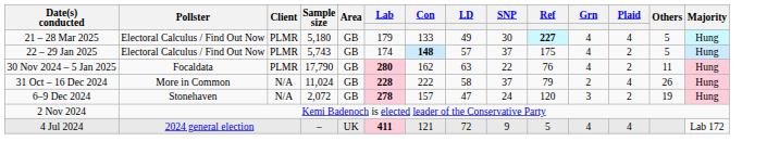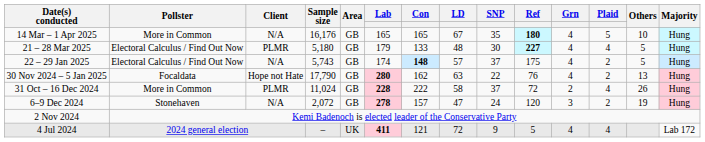 <table class="wikitable sortable mw-datatable" style="text-align:center; font-size:90%; line-height:14px;">
 <tr>
 <th rowspan="2">Date(s)<br>conducted</th>
 <th rowspan="2">Pollster</th>
 <th rowspan="2">Client</th>
 <th rowspan="2" data-sort-type="number">Sample<br>size</th>
 <th rowspan="2">Area</th>
 <th class="unsortable" style="width:50px;"><a href='#'>Lab</a></th>
 <th class="unsortable" style="width:50px;"><a href='#'>Con</a></th>
 <th class="unsortable" style="width:50px;"><a href='#'>LD</a></th>
 <th class="unsortable" style="width:50px;"><a href='#'>SNP</a></th>
 <th class="unsortable" style="width:50px;"><a href='#'>Ref</a></th>
 <th class="unsortable" style="width:50px;"><a href='#'>Grn</a></th>
 <th class="unsortable" style="width:50px;"><a href='#'>Plaid</a></th>
 <th rowspan="2" class="unsortable">Others</th>
 <th rowspan="2" data-sort-type="number">Majority</th>
 </tr>
 <tr>
 <th data-sort-type="number" style="background:"></th>
 <th data-sort-type="number" style="background:"></th>
 <th data-sort-type="number" style="background:"></th>
 <th data-sort-type="number" style="background:"></th>
 <th data-sort-type="number" style="background:"></th>
 <th data-sort-type="number" style="background:"></th>
 <th data-sort-type="number" style="background:"></th>
 </tr>
 <tr>
+<td data-sort-value="2025-04-01">14 Mar – 1 Apr 2025</td>
+<td>More in Common</td>
+<td>N/A</td>
+<td>16,176</td>
+<td>GB</td>
+<td>165</td>
+<td>165</td>
+<td>67</td>
+<td>35</td>
+<td style="background:#CCF8FF;"><strong>180</strong></td>
+<td>4</td>
+<td>5</td>
+<td>10</td>
+<td style="background:#CCF8FF;" data-sort-value="-0">Hung<br></td>
+</tr>
+<tr>
 <td data-sort-value="2025-03-28">21 – 28 Mar 2025</td>
 <td>Electoral Calculus / Find Out Now</td>
 <td>PLMR</td>
 <td>5,180</td>
 <td>GB</td>
 <td>179</td>
 <td>133</td>
-<td>49</td>
+<td>48</td>
 <td>30</td>
 <td style="background:#CCF8FF;"><strong>227</strong></td>
 <td>4</td>
 <td>4</td>
 <td>5</td>
 <td style="background:#CCF8FF;" data-sort-value="-0">Hung<br></td>
 </tr>
 <tr>
 <td data-sort-value="2025-01-29">22 – 29 Jan 2025</td>
 <td>Electoral Calculus / Find Out Now</td>
-<td>PLMR</td>
+<td>N/A</td>
 <td>5,743</td>
 <td>GB</td>
 <td>174</td>
 <td style="background:#CCEBFF;"><strong>148</strong></td>
 <td>57</td>
 <td>37</td>
 <td>175</td>
 <td>4</td>
 <td>2</td>
 <td>5</td>
 <td style="background:#CCEBFF;" data-sort-value="-0">Hung<br></td>
 </tr>
 <tr>
 <td data-sort-value="2025-01-05">30 Nov 2024 – 5 Jan 2025</td>
 <td>Focaldata</td>
-<td>PLMR</td>
+<td>Hope not Hate</td>
 <td>17,790</td>
 <td>GB</td>
 <td style="background:#ffccd9;"><strong>280</strong></td>
 <td>162</td>
 <td>63</td>
 <td>22</td>
 <td>76</td>
 <td>4</td>
 <td>2</td>
-<td>11</td>
+<td>13</td>
 <td style="background:#ffccd9;" data-sort-value="-0">Hung<br></td>
 </tr>
 <tr>
 <td data-sort-value="2024-12-16">31 Oct – 16 Dec 2024</td>
 <td>More in Common</td>
-<td>N/A</td>
+<td>PLMR</td>
 <td>11,024</td>
 <td>GB</td>
 <td style="background:#ffccd9;"><strong>228</strong></td>
 <td>222</td>
 <td>58</td>
 <td>37</td>
-<td>79</td>
+<td>72</td>
 <td>2</td>
 <td>4</td>
 <td>26</td>
 <td style="background:#ffccd9;" data-sort-value="-0">Hung<br></td>
 </tr>
 <tr>
 <td data-sort-value="2024-12-09">6–9 Dec 2024</td>
 <td>Stonehaven</td>
 <td>N/A</td>
 <td>2,072</td>
 <td>GB</td>
 <td style="background:#ffccd9;"><strong>278</strong></td>
 <td>157</td>
 <td>47</td>
 <td>24</td>
 <td>120</td>
 <td>3</td>
 <td>2</td>
 <td>19</td>
 <td style="background:#ffccd9;" data-sort-value="-0">Hung<br></td>
 </tr>
 <tr>
 <td data-sort-value="2024-11-02">2 Nov 2024</td>
 <td colspan="13"><a href='#'>Kemi Badenoch</a> is <a href='#'>elected</a> <a href='#'>leader of the Conservative Party</a></td>
 </tr>
 <tr>
 <td style="background:#e9e9e9;">4 Jul 2024</td>
 <td colspan="2" style="background:#e9e9e9;"><a href='#'>2024 general election</a></td>
 <td style="background:#e9e9e9;">–</td>
 <td style="background:#e9e9e9;">UK</td>
 <td style="background:#ffccd9;"><strong>411</strong></td>
 <td style="background:#e9e9e9;">121</td>
 <td style="background:#e9e9e9;">72</td>
 <td style="background:#e9e9e9;">9</td>
 <td style="background:#e9e9e9;">5</td>
 <td style="background:#e9e9e9;">4</td>
 <td style="background:#e9e9e9;">4</td>
 <td style="background:#e9e9e9;"></td>
 <td style="background:">Lab 172</td>
 </tr>
 </table>
